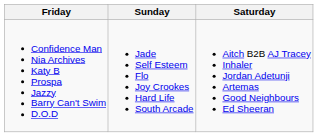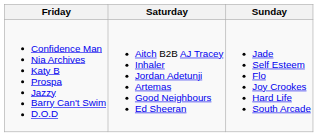 <table class="wikitable">
 <tr>
 <th>Friday</th>
+<th>Saturday</th>
 <th>Sunday</th>
-<th>Saturday</th>
 </tr>
 <tr>
 <td><br><ul><li><a href='#'>Confidence Man</a></li><li><a href='#'>Nia Archives</a></li><li><a href='#'>Katy B</a></li><li><a href='#'>Prospa</a></li><li><a href='#'>Jazzy</a></li><li><a href='#'>Barry Can't Swim</a></li><li><a href='#'>D.O.D</a></li></ul></td>
+<td><br><ul><li><a href='#'>Aitch</a> B2B <a href='#'>AJ Tracey</a></li><li><a href='#'>Inhaler</a></li><li><a href='#'>Jordan Adetunji</a></li><li><a href='#'>Artemas</a></li><li><a href='#'>Good Neighbours</a></li><li><a href='#'>Ed Sheeran</a></li></ul></td>
 <td><br><ul><li><a href='#'>Jade</a></li><li><a href='#'>Self Esteem</a></li><li><a href='#'>Flo</a></li><li><a href='#'>Joy Crookes</a></li><li><a href='#'>Hard Life</a></li><li><a href='#'>South Arcade</a></li></ul></td>
-<td><br><ul><li><a href='#'>Aitch</a> B2B <a href='#'>AJ Tracey</a></li><li><a href='#'>Inhaler</a></li><li><a href='#'>Jordan Adetunji</a></li><li><a href='#'>Artemas</a></li><li><a href='#'>Good Neighbours</a></li><li><a href='#'>Ed Sheeran</a></li></ul></td>
 </tr>
 </table>
